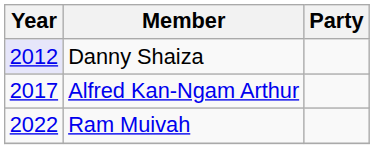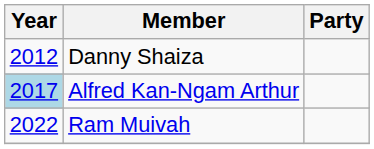 <table class="wikitable sortable">
 <tr>
 <th>Year</th>
 <th>Member</th>
 <th colspan="2">Party</th>
 </tr>
 <tr>
-<td style="background: lavender;"><a href='#'>2012</a></td>
+<td><a href='#'>2012</a></td>
 <td>Danny Shaiza</td>
 <td></td>
 </tr>
 <tr>
-<td><a href='#'>2017</a></td>
+<td style="background: lightblue;"><a href='#'>2017</a></td>
 <td><a href='#'>Alfred Kan-Ngam Arthur</a></td>
 <td></td>
 </tr>
 <tr>
 <td><a href='#'>2022</a></td>
 <td><a href='#'>Ram Muivah</a></td>
 <td></td>
 </tr>
 <tr>
 </tr>
 </table>
